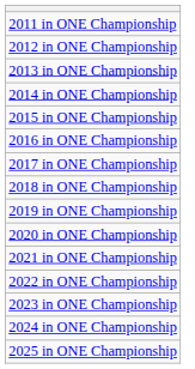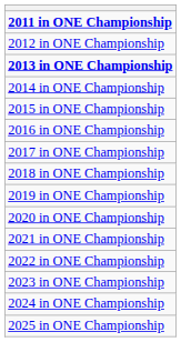 <table class="wikitable sortable mw-collapsible mw-collapsed">
 <tr>
 <th></th>
 </tr>
 <tr>
-<td><a href='#'>2011 in ONE Championship</a></td>
+<td><strong><a href='#'>2011 in ONE Championship</a></strong></td>
 </tr>
 <tr>
 <td><a href='#'>2012 in ONE Championship</a></td>
 </tr>
 <tr>
-<td><a href='#'>2013 in ONE Championship</a></td>
+<td><strong><a href='#'>2013 in ONE Championship</a></strong></td>
 </tr>
 <tr>
 <td><a href='#'>2014 in ONE Championship</a></td>
 </tr>
 <tr>
 <td><a href='#'>2015 in ONE Championship</a></td>
 </tr>
 <tr>
 <td><a href='#'>2016 in ONE Championship</a></td>
 </tr>
 <tr>
 <td><a href='#'>2017 in ONE Championship</a></td>
 </tr>
 <tr>
 <td><a href='#'>2018 in ONE Championship</a></td>
 </tr>
 <tr>
 <td><a href='#'>2019 in ONE Championship</a></td>
 </tr>
 <tr>
 <td><a href='#'>2020 in ONE Championship</a></td>
 </tr>
 <tr>
 <td><a href='#'>2021 in ONE Championship</a></td>
 </tr>
 <tr>
 <td><a href='#'>2022 in ONE Championship</a></td>
 </tr>
 <tr>
 <td><a href='#'>2023 in ONE Championship</a></td>
 </tr>
 <tr>
 <td><a href='#'>2024 in ONE Championship</a></td>
 </tr>
 <tr>
 <td><a href='#'>2025 in ONE Championship</a></td>
 </tr>
 </table>
